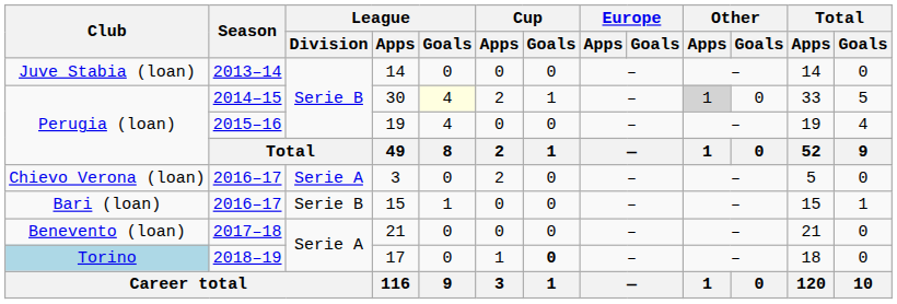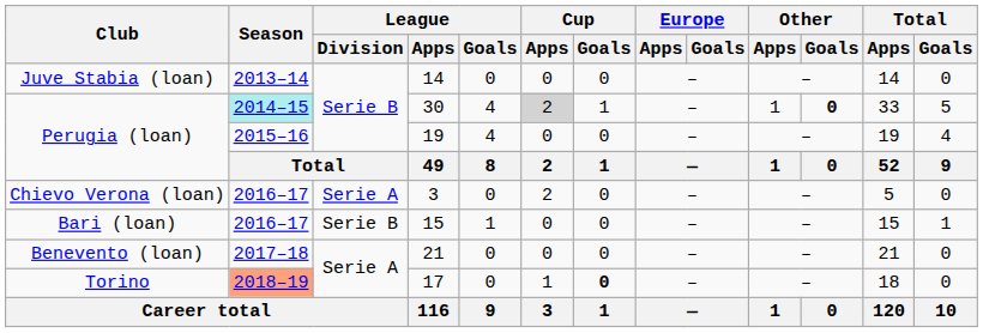 <table class="wikitable" style="text-align: center;">
 <tr>
 <th rowspan="2">Club</th>
 <th rowspan="2">Season</th>
 <th colspan="3">League</th>
 <th colspan="2">Cup</th>
 <th colspan="2"><a href='#'>Europe</a></th>
 <th colspan="2">Other</th>
 <th colspan="2">Total</th>
 </tr>
 <tr>
 <th>Division</th>
 <th>Apps</th>
 <th>Goals</th>
 <th>Apps</th>
 <th>Goals</th>
 <th>Apps</th>
 <th>Goals</th>
 <th>Apps</th>
 <th>Goals</th>
 <th>Apps</th>
 <th>Goals</th>
 </tr>
 <tr>
 <td rowspan="1"><a href='#'>Juve Stabia</a> (loan)</td>
 <td><a href='#'>2013–14</a></td>
 <td rowspan="3"><a href='#'>Serie B</a></td>
 <td>14</td>
 <td>0</td>
 <td>0</td>
 <td>0</td>
 <td colspan="2">–</td>
 <td colspan="2">–</td>
 <td>14</td>
 <td>0</td>
 </tr>
 <tr>
 <td rowspan="3"><a href='#'>Perugia</a> (loan)</td>
-<td><a href='#'>2014–15</a></td>
+<td style="background: paleturquoise;"><a href='#'>2014–15</a></td>
 <td>30</td>
-<td style="background: lightyellow;">4</td>
-<td>2</td>
+<td>4</td>
+<td style="background: lightgrey;">2</td>
 <td>1</td>
 <td colspan="2">–</td>
-<td style="background: lightgrey;">1</td>
-<td>0</td>
+<td>1</td>
+<td><strong>0</strong></td>
 <td>33</td>
 <td>5</td>
 </tr>
 <tr>
 <td><a href='#'>2015–16</a></td>
 <td>19</td>
 <td>4</td>
 <td>0</td>
 <td>0</td>
 <td colspan="2">–</td>
 <td colspan="2">–</td>
 <td>19</td>
 <td>4</td>
 </tr>
 <tr>
 <th colspan="2">Total</th>
 <th>49</th>
 <th>8</th>
 <th>2</th>
 <th>1</th>
 <th colspan="2">—</th>
 <th>1</th>
 <th>0</th>
 <th>52</th>
 <th>9</th>
 </tr>
 <tr>
 <td><a href='#'>Chievo Verona</a> (loan)</td>
 <td><a href='#'>2016–17</a></td>
 <td><a href='#'>Serie A</a></td>
 <td>3</td>
 <td>0</td>
 <td>2</td>
 <td>0</td>
 <td colspan="2">–</td>
 <td colspan="2">–</td>
 <td>5</td>
 <td>0</td>
 </tr>
 <tr>
 <td><a href='#'>Bari</a> (loan)</td>
 <td><a href='#'>2016–17</a></td>
 <td>Serie B</td>
 <td>15</td>
 <td>1</td>
 <td>0</td>
 <td>0</td>
 <td colspan="2">–</td>
 <td colspan="2">–</td>
 <td>15</td>
 <td>1</td>
 </tr>
 <tr>
 <td><a href='#'>Benevento</a> (loan)</td>
 <td><a href='#'>2017–18</a></td>
 <td rowspan="2">Serie A</td>
 <td>21</td>
 <td>0</td>
 <td>0</td>
 <td>0</td>
 <td colspan="2">–</td>
 <td colspan="2">–</td>
 <td>21</td>
 <td>0</td>
 </tr>
 <tr>
-<td style="background: lightblue;"><a href='#'>Torino</a></td>
-<td><a href='#'>2018–19</a></td>
+<td><a href='#'>Torino</a></td>
+<td style="background: lightsalmon;"><a href='#'>2018–19</a></td>
 <td>17</td>
 <td>0</td>
 <td>1</td>
 <td><strong>0</strong></td>
 <td colspan="2">–</td>
 <td colspan="2">–</td>
 <td>18</td>
 <td>0</td>
 </tr>
 <tr>
 <th colspan="3">Career total</th>
 <th>116</th>
 <th>9</th>
 <th>3</th>
 <th>1</th>
 <th colspan="2">—</th>
 <th>1</th>
 <th>0</th>
 <th>120</th>
 <th>10</th>
 </tr>
 </table>
